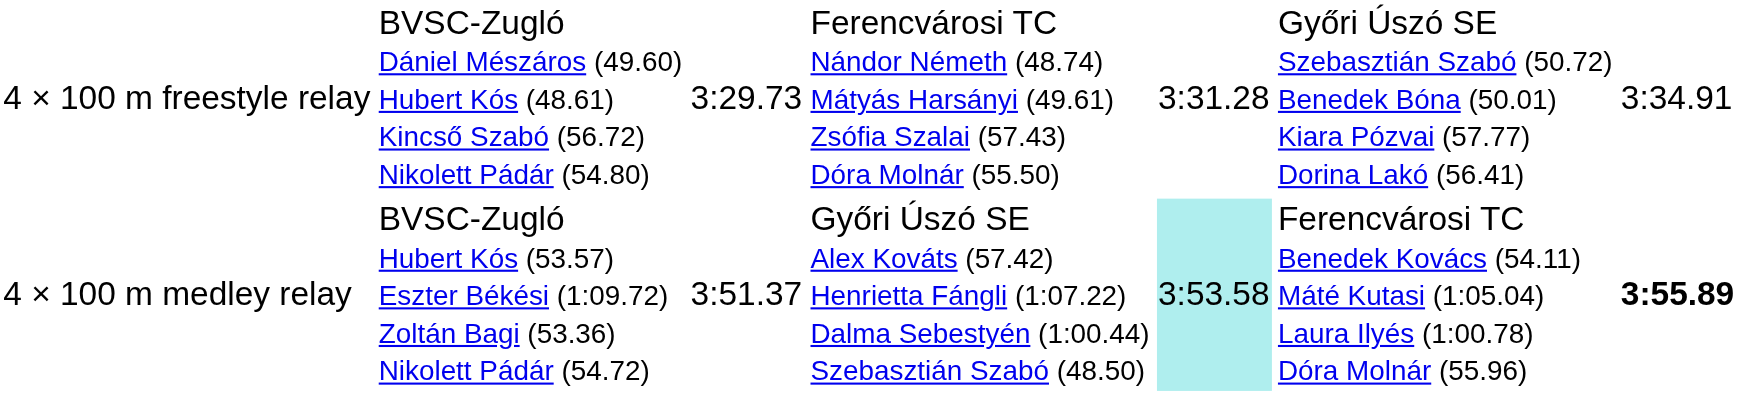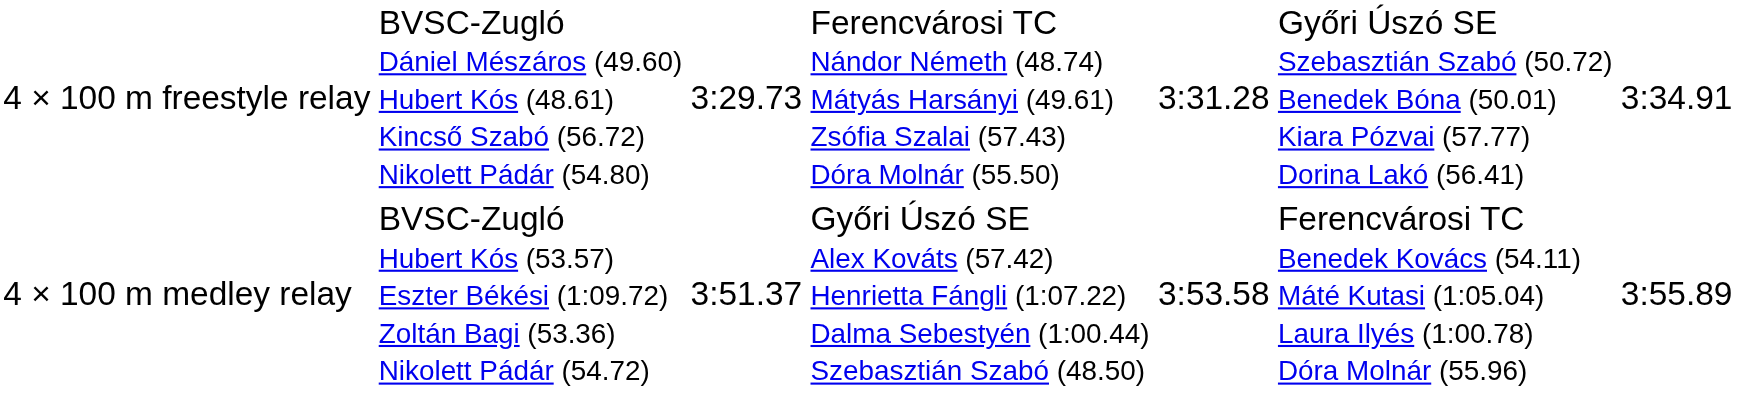 <table>
 <tr>
 <td>4 × 100 m freestyle relay</td>
 <td>BVSC-Zugló<br><small><a href='#'>Dániel Mészáros</a> (49.60)<br> <a href='#'>Hubert Kós</a> (48.61)<br> <a href='#'>Kincső Szabó</a> (56.72)<br> <a href='#'>Nikolett Pádár</a> (54.80)</small></td>
 <td>3:29.73</td>
 <td>Ferencvárosi TC<br><small><a href='#'>Nándor Németh</a> (48.74)<br> <a href='#'>Mátyás Harsányi</a> (49.61)<br> <a href='#'>Zsófia Szalai</a> (57.43)<br> <a href='#'>Dóra Molnár</a> (55.50)</small></td>
 <td>3:31.28</td>
 <td>Győri Úszó SE<br><small><a href='#'>Szebasztián Szabó</a> (50.72)<br> <a href='#'>Benedek Bóna</a> (50.01)<br> <a href='#'>Kiara Pózvai</a> (57.77)<br> <a href='#'>Dorina Lakó</a> (56.41)</small></td>
 <td>3:34.91</td>
 </tr>
 <tr>
 <td>4 × 100 m medley relay</td>
 <td>BVSC-Zugló<br><small><a href='#'>Hubert Kós</a> (53.57)<br> <a href='#'>Eszter Békési</a> (1:09.72)<br> <a href='#'>Zoltán Bagi</a> (53.36)<br> <a href='#'>Nikolett Pádár</a> (54.72)</small></td>
 <td>3:51.37</td>
 <td>Győri Úszó SE<br><small><a href='#'>Alex Kováts</a> (57.42)<br> <a href='#'>Henrietta Fángli</a> (1:07.22)<br> <a href='#'>Dalma Sebestyén</a> (1:00.44)<br> <a href='#'>Szebasztián Szabó</a> (48.50)</small></td>
-<td style="background: paleturquoise;">3:53.58</td>
+<td>3:53.58</td>
 <td>Ferencvárosi TC<br><small><a href='#'>Benedek Kovács</a> (54.11)<br> <a href='#'>Máté Kutasi</a> (1:05.04)<br> <a href='#'>Laura Ilyés</a> (1:00.78)<br> <a href='#'>Dóra Molnár</a> (55.96)</small></td>
-<td><strong>3:55.89</strong></td>
+<td>3:55.89</td>
 </tr>
 </table>
